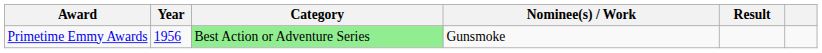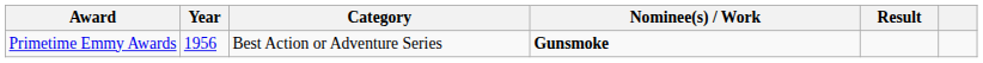 <table class="wikitable sortable plainrowheaders">
 <tr>
 <th scope="col" style="width:18%;">Award</th>
 <th scope="col" style="width:5%;">Year</th>
 <th scope="col" style="width:31%;">Category</th>
 <th scope="col" style="width:34%;">Nominee(s) / Work</th>
 <th scope="col" style="width:8%;">Result</th>
 <th scope="col" style="width:4%;" class="unsortable"></th>
 </tr>
 <tr>
 <td><a href='#'>Primetime Emmy Awards</a></td>
 <td rowspan="5"><a href='#'>1956</a></td>
-<td style="background: lightgreen;">Best Action or Adventure Series</td>
-<td>Gunsmoke</td>
+<td>Best Action or Adventure Series</td>
+<td><strong>Gunsmoke</strong></td>
 <td></td>
 <td style="text-align:center;"></td>
 </tr>
 </table>
